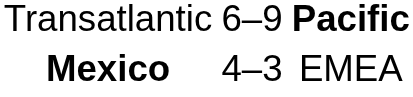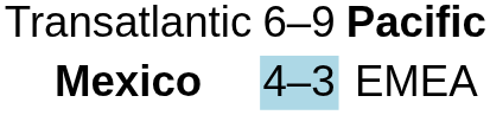 <table>
 <tr>
 <td align=center>Transatlantic</td>
 <td align=center>6–9</td>
 <td align=center><strong>Pacific</strong></td>
 </tr>
 <tr>
 <td align=center><strong>Mexico</strong></td>
-<td align=center>4–3</td>
+<td align=center style="background: lightblue;">4–3</td>
 <td align=center>EMEA</td>
 </tr>
 </table>
